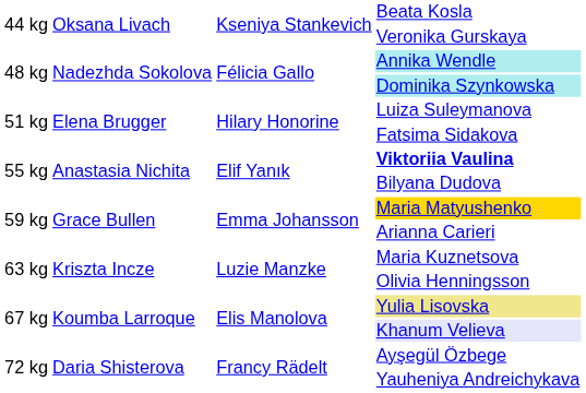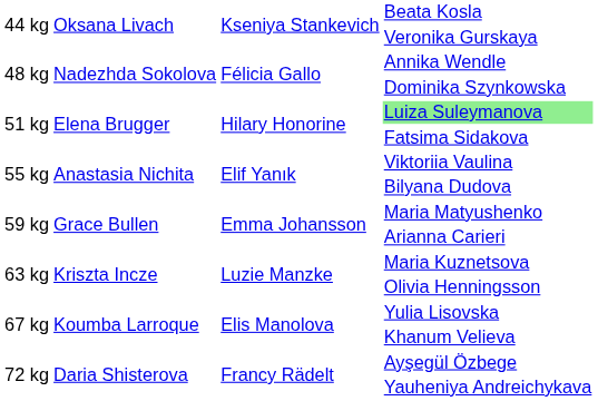 <table>
 <tr>
 <td rowspan=2>44 kg</td>
 <td rowspan=2> <a href='#'>Oksana Livach</a></td>
 <td rowspan=2> <a href='#'>Kseniya Stankevich</a></td>
 <td> <a href='#'>Beata Kosla</a></td>
 </tr>
 <tr>
 <td> <a href='#'>Veronika Gurskaya</a></td>
 </tr>
 <tr>
 <td rowspan=2>48 kg</td>
 <td rowspan=2> <a href='#'>Nadezhda Sokolova</a></td>
 <td rowspan=2> <a href='#'>Félicia Gallo</a></td>
-<td style="background: paleturquoise;"> <a href='#'>Annika Wendle</a></td>
+<td> <a href='#'>Annika Wendle</a></td>
 </tr>
 <tr>
-<td style="background: paleturquoise;"> <a href='#'>Dominika Szynkowska</a></td>
+<td> <a href='#'>Dominika Szynkowska</a></td>
 </tr>
 <tr>
 <td rowspan=2>51 kg</td>
 <td rowspan=2> <a href='#'>Elena Brugger</a></td>
 <td rowspan=2> <a href='#'>Hilary Honorine</a></td>
-<td> <a href='#'>Luiza Suleymanova</a></td>
+<td style="background: lightgreen;"> <a href='#'>Luiza Suleymanova</a></td>
 </tr>
 <tr>
 <td> <a href='#'>Fatsima Sidakova</a></td>
 </tr>
 <tr>
 <td rowspan=2>55 kg</td>
 <td rowspan=2> <a href='#'>Anastasia Nichita</a></td>
 <td rowspan=2> <a href='#'>Elif Yanık</a></td>
-<td><strong> <a href='#'>Viktoriia Vaulina</a></strong></td>
+<td> <a href='#'>Viktoriia Vaulina</a></td>
 </tr>
 <tr>
 <td> <a href='#'>Bilyana Dudova</a></td>
 </tr>
 <tr>
 <td rowspan=2>59 kg</td>
 <td rowspan=2> <a href='#'>Grace Bullen</a></td>
 <td rowspan=2> <a href='#'>Emma Johansson</a></td>
-<td style="background: gold;"> <a href='#'>Maria Matyushenko</a></td>
+<td> <a href='#'>Maria Matyushenko</a></td>
 </tr>
 <tr>
 <td> <a href='#'>Arianna Carieri</a></td>
 </tr>
 <tr>
 <td rowspan=2>63 kg</td>
 <td rowspan=2> <a href='#'>Kriszta Incze</a></td>
 <td rowspan=2> <a href='#'>Luzie Manzke</a></td>
 <td> <a href='#'>Maria Kuznetsova</a></td>
 </tr>
 <tr>
 <td> <a href='#'>Olivia Henningsson</a></td>
 </tr>
 <tr>
 <td rowspan=2>67 kg</td>
 <td rowspan=2> <a href='#'>Koumba Larroque</a></td>
 <td rowspan=2> <a href='#'>Elis Manolova</a></td>
-<td style="background: khaki;"> <a href='#'>Yulia Lisovska</a></td>
+<td> <a href='#'>Yulia Lisovska</a></td>
 </tr>
 <tr>
-<td style="background: lavender;"> <a href='#'>Khanum Velieva</a></td>
+<td> <a href='#'>Khanum Velieva</a></td>
 </tr>
 <tr>
 <td rowspan=2>72 kg</td>
 <td rowspan=2> <a href='#'>Daria Shisterova</a></td>
 <td rowspan=2> <a href='#'>Francy Rädelt</a></td>
 <td> <a href='#'>Ayşegül Özbege</a></td>
 </tr>
 <tr>
 <td> <a href='#'>Yauheniya Andreichykava</a></td>
 </tr>
 </table>
